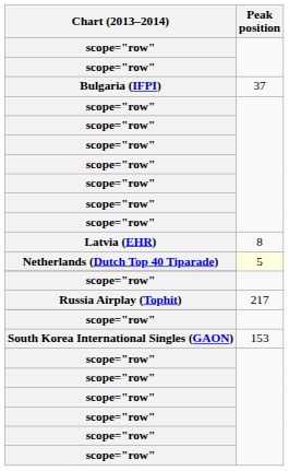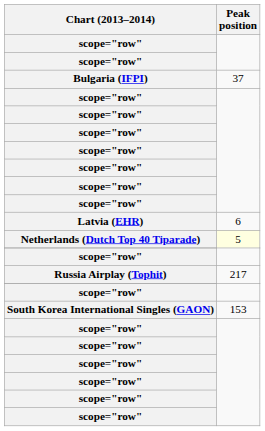 <table class="wikitable plainrowheaders sortable" style="text-align:center;">
 <tr>
 <th scope="col">Chart (2013–2014)</th>
 <th scope="col">Peak<br>position</th>
 </tr>
 <tr>
 <th>scope="row"</th>
 </tr>
 <tr>
 <th>scope="row"</th>
 </tr>
 <tr>
 <th scope="row">Bulgaria (<a href='#'>IFPI</a>)</th>
 <td style="text-align:center;">37</td>
 </tr>
 <tr>
 <th>scope="row"</th>
 </tr>
 <tr>
 <th>scope="row" </th>
 </tr>
 <tr>
 <th>scope="row"</th>
 </tr>
 <tr>
 <th>scope="row"</th>
 </tr>
 <tr>
 <th>scope="row"</th>
 </tr>
 <tr>
 <th>scope="row"</th>
 </tr>
 <tr>
 <th>scope="row"</th>
 </tr>
 <tr>
 <th scope="row">Latvia (<a href='#'>EHR</a>)</th>
-<td>8</td>
+<td>6</td>
 </tr>
 <tr>
 <th scope="row">Netherlands (<a href='#'>Dutch Top 40 Tiparade</a>)</th>
 <td style="background: lightyellow;">5</td>
 </tr>
 <tr>
 </tr>
 <tr>
 <th>scope="row"</th>
 </tr>
 <tr>
 <th scope="row">Russia Airplay (<a href='#'>Tophit</a>)</th>
 <td style="text-align:center">217</td>
 </tr>
 <tr>
 </tr>
 <tr>
 <th>scope="row"</th>
 </tr>
 <tr>
 <th scope="row">South Korea International Singles (<a href='#'>GAON</a>)</th>
 <td>153</td>
 </tr>
 <tr>
 <th>scope="row"</th>
 </tr>
 <tr>
 <th>scope="row"</th>
 </tr>
 <tr>
 <th>scope="row"</th>
 </tr>
 <tr>
 <th>scope="row"</th>
 </tr>
 <tr>
 <th>scope="row"</th>
 </tr>
 <tr>
 <th>scope="row"</th>
 </tr>
 </table>
